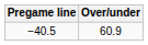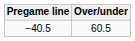 <table class="wikitable" style="margin-left: auto; margin-right: auto; border: none; display: inline-table;">
 <tr style="text-align:center">
 <th style=>Pregame line</th>
 <th style=>Over/under</th>
 </tr>
 <tr style="text-align:center">
 <td>−40.5</td>
-<td>60.9</td>
+<td>60.5</td>
 </tr>
 </table>
